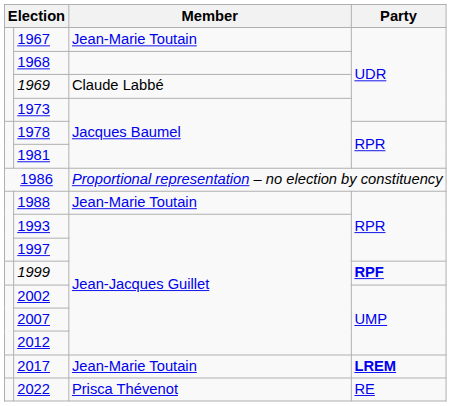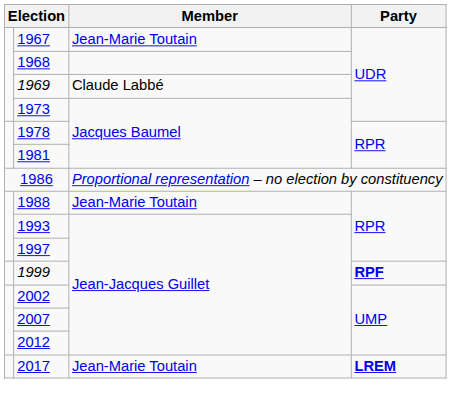 <table class="wikitable">
 <tr>
 <th colspan="2">Election</th>
 <th>Member</th>
 <th>Party</th>
 </tr>
 <tr>
 <td rowspan="4" style="color:inherit;background-color: "></td>
 <td><a href='#'>1967</a></td>
 <td><a href='#'>Jean-Marie Toutain</a></td>
 <td rowspan="4"><a href='#'>UDR</a></td>
 </tr>
 <tr>
 <td><a href='#'>1968</a></td>
 <td></td>
 </tr>
 <tr>
 <td><em>1969</em></td>
 <td>Claude Labbé</td>
 </tr>
 <tr>
 <td><a href='#'>1973</a></td>
 <td rowspan="3"><a href='#'>Jacques Baumel</a></td>
 </tr>
 <tr>
 <td rowspan="2" style="color:inherit;background-color: "></td>
 <td><a href='#'>1978</a></td>
 <td rowspan="2"><a href='#'>RPR</a></td>
 </tr>
 <tr>
 <td><a href='#'>1981</a></td>
 </tr>
 <tr>
 <td colspan="2" align="center"><a href='#'>1986</a></td>
 <td colspan="2"><em><a href='#'>Proportional representation</a> – no election by constituency</em></td>
 </tr>
 <tr>
 <td rowspan="3" style="color:inherit;background-color: "></td>
 <td><a href='#'>1988</a></td>
 <td><a href='#'>Jean-Marie Toutain</a></td>
 <td rowspan="3"><a href='#'>RPR</a></td>
 </tr>
 <tr>
 <td><a href='#'>1993</a></td>
 <td rowspan="6"><a href='#'>Jean-Jacques Guillet</a></td>
 </tr>
 <tr>
 <td><a href='#'>1997</a></td>
 </tr>
 <tr>
 <td style="color:inherit;background-color: "></td>
 <td><em>1999</em></td>
 <td><strong><a href='#'>RPF</a></strong></td>
 </tr>
 <tr>
 <td rowspan="3" style="color:inherit;background-color: "></td>
 <td><a href='#'>2002</a></td>
 <td rowspan="3"><a href='#'>UMP</a></td>
 </tr>
 <tr>
 <td><a href='#'>2007</a></td>
 </tr>
 <tr>
 <td><a href='#'>2012</a></td>
 </tr>
 <tr>
 <td style="color:inherit;background-color: "></td>
 <td><a href='#'>2017</a></td>
 <td><a href='#'>Jean-Marie Toutain</a></td>
 <td><strong><a href='#'>LREM</a></strong></td>
 </tr>
-<tr>
-<td style="color:inherit;background-color: "></td>
-<td><a href='#'>2022</a></td>
-<td><a href='#'>Prisca Thévenot</a></td>
-<td><a href='#'>RE</a></td>
-</tr>
 </table>
